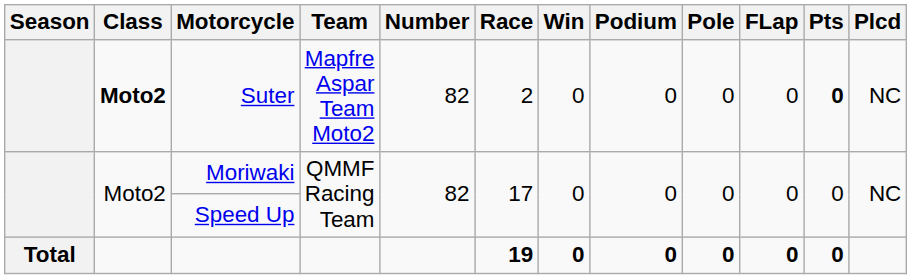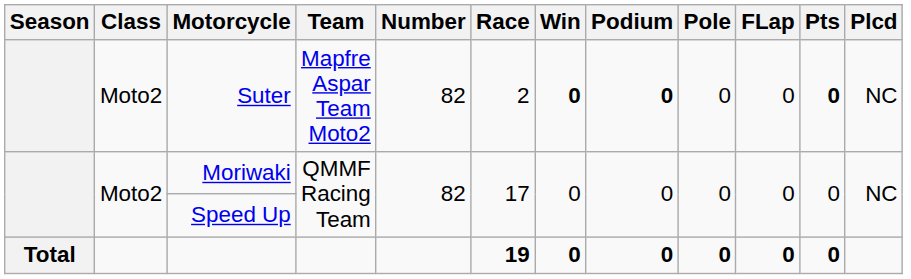 <table class="wikitable">
 <tr>
 <th>Season</th>
 <th>Class</th>
 <th>Motorcycle</th>
 <th>Team</th>
 <th>Number</th>
 <th>Race</th>
 <th>Win</th>
 <th>Podium</th>
 <th>Pole</th>
 <th>FLap</th>
 <th>Pts</th>
 <th>Plcd</th>
 </tr>
 <tr style="text-align:right;">
 <th></th>
-<td><strong>Moto2</strong></td>
+<td>Moto2</td>
 <td><a href='#'>Suter</a></td>
 <td><a href='#'>Mapfre Aspar Team Moto2</a></td>
 <td>82</td>
 <td>2</td>
-<td>0</td>
-<td>0</td>
+<td><strong>0</strong></td>
+<td><strong>0</strong></td>
 <td>0</td>
 <td>0</td>
 <td><strong>0</strong></td>
 <td>NC</td>
 </tr>
 <tr style="text-align:right;">
 <th rowspan=2></th>
 <td rowspan=2>Moto2</td>
 <td><a href='#'>Moriwaki</a></td>
 <td rowspan=2>QMMF Racing Team</td>
 <td rowspan=2>82</td>
 <td rowspan=2>17</td>
 <td rowspan=2>0</td>
 <td rowspan=2>0</td>
 <td rowspan=2>0</td>
 <td rowspan=2>0</td>
 <td rowspan=2>0</td>
 <td rowspan=2>NC</td>
 </tr>
 <tr style="text-align:right;">
 <td><a href='#'>Speed Up</a></td>
 </tr>
 <tr style="text-align:right;">
 <th>Total</th>
 <td></td>
 <td></td>
 <td></td>
 <td></td>
 <td><strong>19</strong></td>
 <td><strong>0</strong></td>
 <td><strong>0</strong></td>
 <td><strong>0</strong></td>
 <td><strong>0</strong></td>
 <td><strong>0</strong></td>
 <td></td>
 </tr>
 </table>
